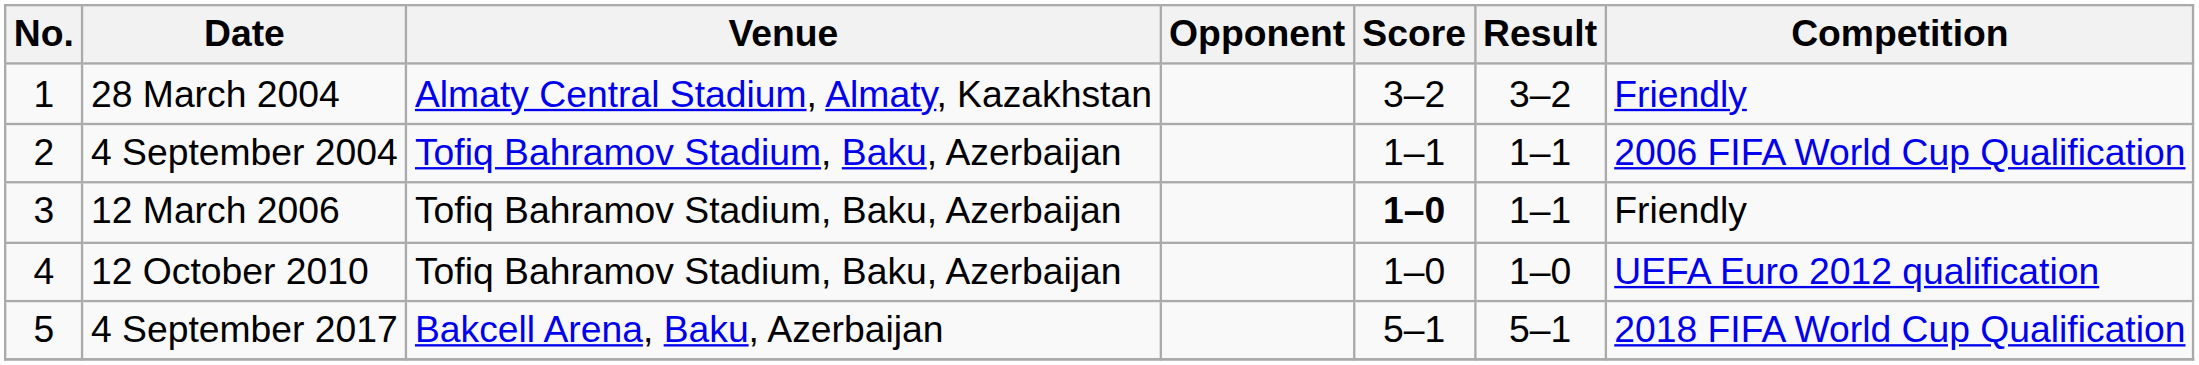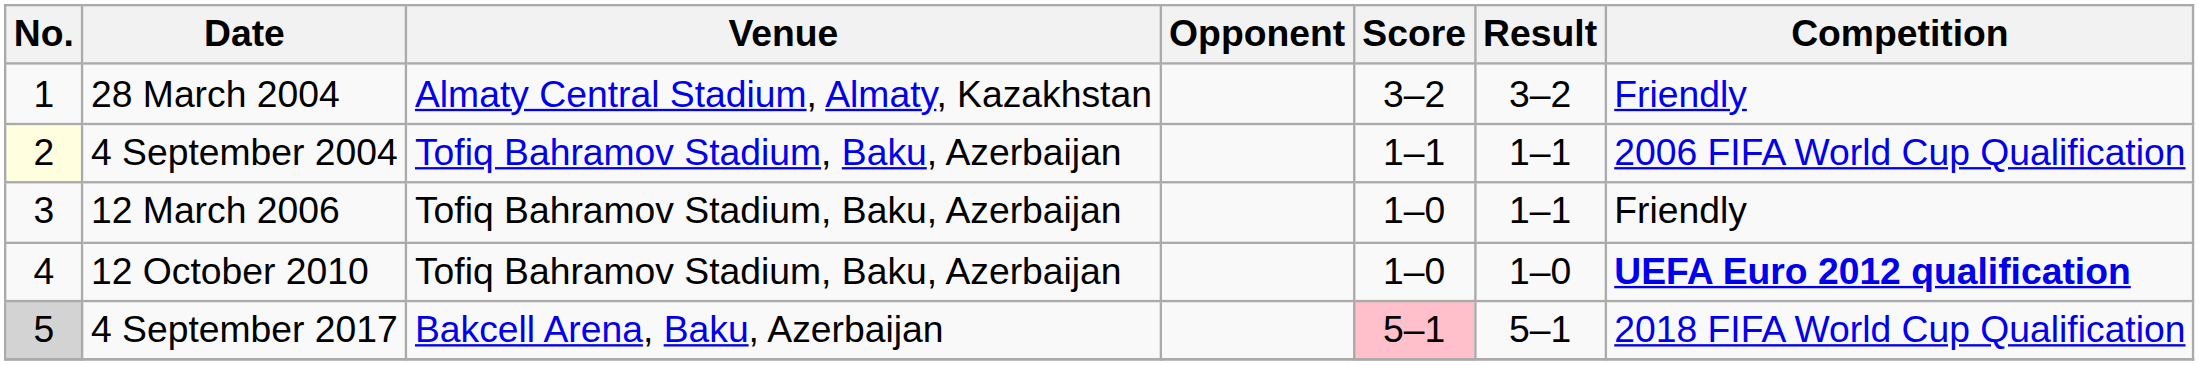 <table class="wikitable sortable">
 <tr>
 <th scope="col">No.</th>
 <th scope="col">Date</th>
 <th scope="col">Venue</th>
 <th scope="col">Opponent</th>
 <th scope="col">Score</th>
 <th scope="col">Result</th>
 <th scope="col">Competition</th>
 </tr>
 <tr>
 <td style="text-align:center">1</td>
 <td>28 March 2004</td>
 <td><a href='#'>Almaty Central Stadium</a>, <a href='#'>Almaty</a>, Kazakhstan</td>
 <td></td>
 <td style="text-align:center">3–2</td>
 <td style="text-align:center">3–2</td>
 <td><a href='#'>Friendly</a></td>
 </tr>
 <tr>
-<td style="text-align:center">2</td>
+<td style="background: lightyellow; text-align:center">2</td>
 <td>4 September 2004</td>
 <td><a href='#'>Tofiq Bahramov Stadium</a>, <a href='#'>Baku</a>, Azerbaijan</td>
 <td></td>
 <td style="text-align:center">1–1</td>
 <td style="text-align:center">1–1</td>
 <td><a href='#'>2006 FIFA World Cup Qualification</a></td>
 </tr>
 <tr>
 <td style="text-align:center">3</td>
 <td>12 March 2006</td>
 <td>Tofiq Bahramov Stadium, Baku, Azerbaijan</td>
 <td></td>
-<td style="text-align:center"><strong>1–0</strong></td>
+<td style="text-align:center">1–0</td>
 <td style="text-align:center">1–1</td>
 <td>Friendly</td>
 </tr>
 <tr>
 <td style="text-align:center">4</td>
 <td>12 October 2010</td>
 <td>Tofiq Bahramov Stadium, Baku, Azerbaijan</td>
 <td></td>
 <td style="text-align:center">1–0</td>
 <td style="text-align:center">1–0</td>
-<td><a href='#'>UEFA Euro 2012 qualification</a></td>
+<td><strong><a href='#'>UEFA Euro 2012 qualification</a></strong></td>
 </tr>
 <tr>
-<td style="text-align:center">5</td>
+<td style="background: lightgrey; text-align:center">5</td>
 <td>4 September 2017</td>
 <td><a href='#'>Bakcell Arena</a>, <a href='#'>Baku</a>, Azerbaijan</td>
 <td></td>
-<td style="text-align:center">5–1</td>
+<td style="background: pink; text-align:center">5–1</td>
 <td style="text-align:center">5–1</td>
 <td><a href='#'>2018 FIFA World Cup Qualification</a></td>
 </tr>
 <tr>
 </tr>
 </table>
